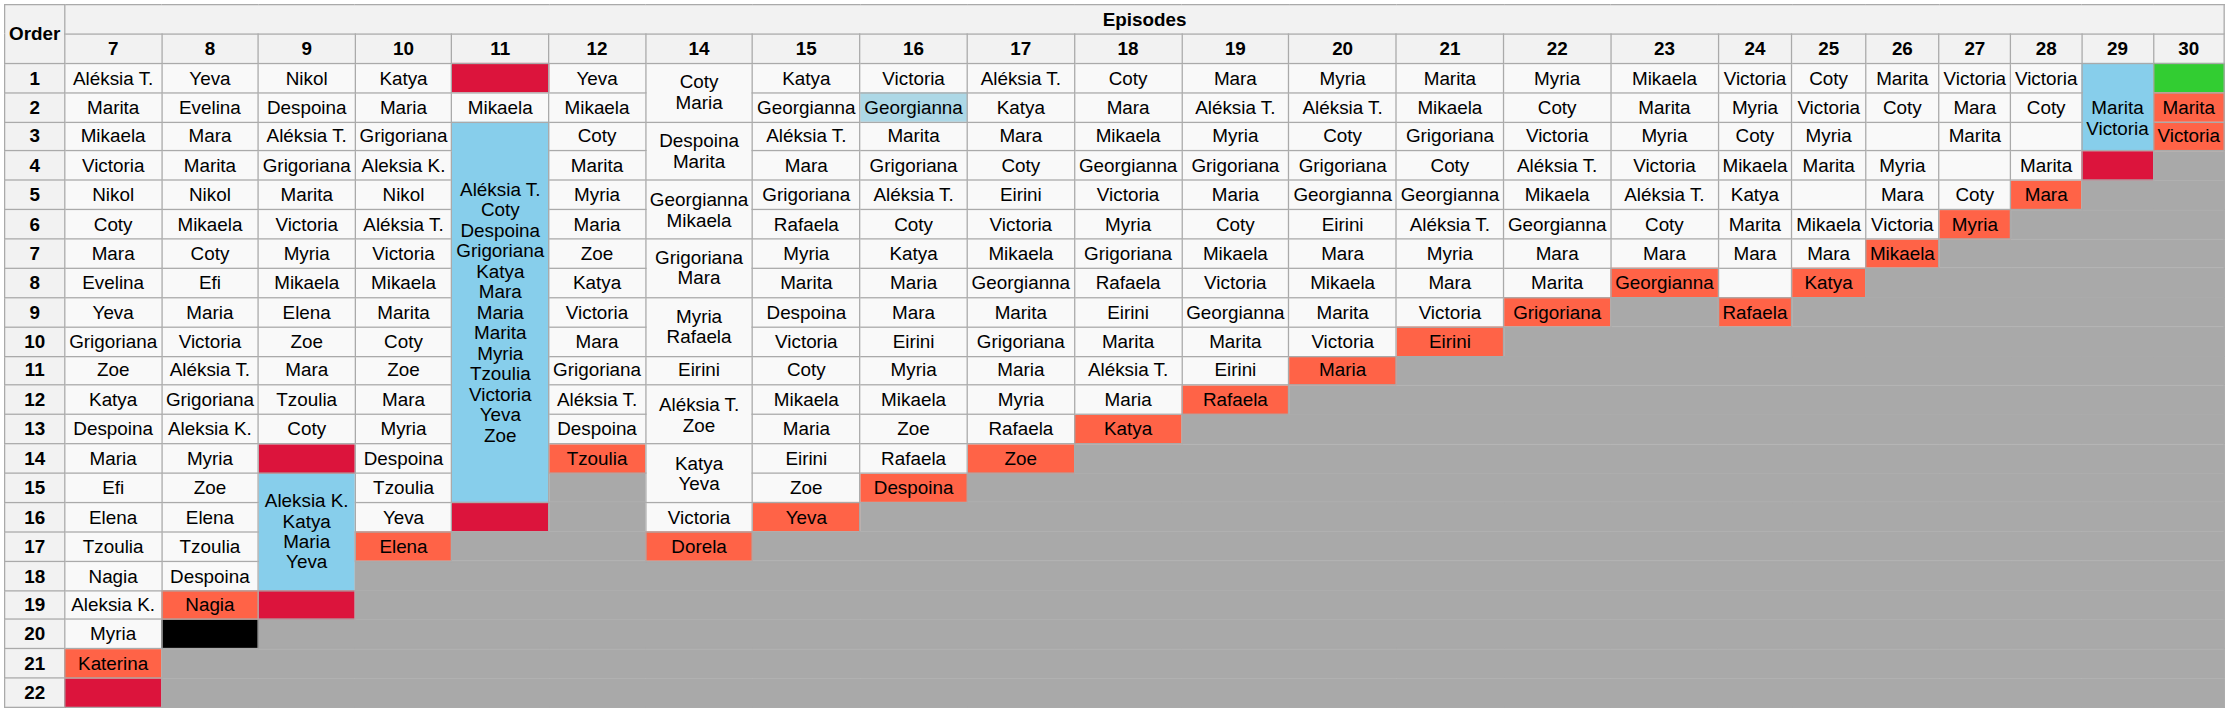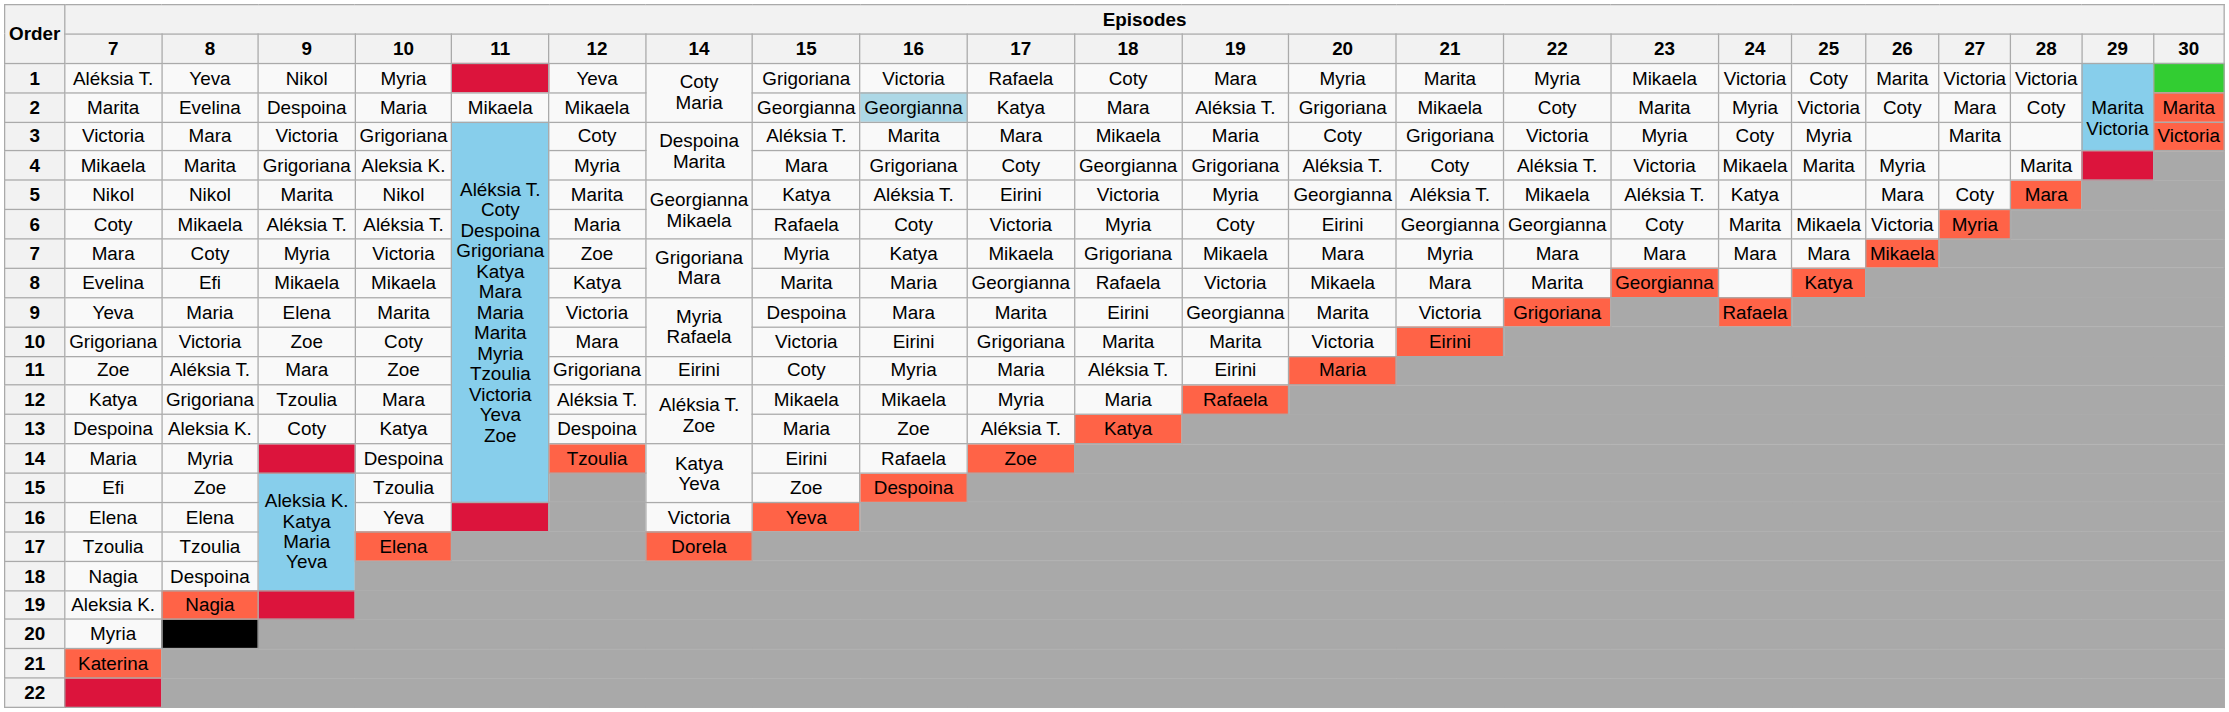 <table class="wikitable" style="text-align:center; font-size:92%;">
 <tr>
 <th rowspan=02>Order</th>
 <th colspan=23>Episodes</th>
 </tr>
 <tr>
 <th>7</th>
 <th>8</th>
 <th>9</th>
 <th>10</th>
 <th>11</th>
 <th>12</th>
 <th>14</th>
 <th>15</th>
 <th>16</th>
 <th>17</th>
 <th>18</th>
 <th>19</th>
 <th>20</th>
 <th>21</th>
 <th>22</th>
 <th>23</th>
 <th>24</th>
 <th>25</th>
 <th>26</th>
 <th>27</th>
 <th>28</th>
 <th>29</th>
 <th>30</th>
 </tr>
 <tr>
 <th>1</th>
 <td>Aléksia T.</td>
 <td>Yeva</td>
 <td>Nikol</td>
-<td>Katya</td>
+<td>Myria</td>
 <td style="background:crimson;"></td>
 <td>Yeva</td>
 <td rowspan="2">Coty<br>Maria</td>
-<td>Katya</td>
+<td>Grigoriana</td>
 <td>Victoria</td>
-<td>Aléksia T.</td>
+<td>Rafaela</td>
 <td>Coty</td>
 <td>Mara</td>
 <td>Myria</td>
 <td>Marita</td>
 <td>Myria</td>
 <td>Mikaela</td>
 <td>Victoria</td>
 <td>Coty</td>
 <td>Marita</td>
 <td>Victoria</td>
 <td>Victoria</td>
 <td rowspan="3" style="background:skyblue;"><br>Marita<br>Victoria</td>
 <td style="background:limegreen;"></td>
 </tr>
 <tr>
 <th>2</th>
 <td>Marita</td>
 <td>Evelina</td>
 <td>Despoina</td>
 <td>Maria</td>
 <td>Mikaela</td>
 <td>Mikaela</td>
 <td>Georgianna</td>
 <td style="background: lightblue;">Georgianna</td>
 <td>Katya</td>
 <td>Mara</td>
 <td>Aléksia T.</td>
-<td>Aléksia T.</td>
+<td>Grigoriana</td>
 <td>Mikaela</td>
 <td>Coty</td>
 <td>Marita</td>
 <td>Myria</td>
 <td>Victoria</td>
 <td>Coty</td>
 <td>Mara</td>
 <td>Coty</td>
 <td style="background:tomato;">Marita</td>
 </tr>
 <tr>
 <th>3</th>
-<td>Mikaela</td>
+<td>Victoria</td>
 <td>Mara</td>
-<td>Aléksia T.</td>
+<td>Victoria</td>
 <td>Grigoriana</td>
 <td rowspan="13" style="background:skyblue;">Aléksia T.<br>Coty<br>Despoina<br>Grigoriana<br>Katya<br>Mara<br>Maria<br>Marita<br>Myria<br>Tzoulia<br>Victoria<br>Yeva<br>Zoe</td>
 <td>Coty</td>
 <td rowspan="2">Despoina<br>Marita</td>
 <td>Aléksia T.</td>
 <td>Marita</td>
 <td>Mara</td>
 <td>Mikaela</td>
-<td>Myria</td>
+<td>Maria</td>
 <td>Coty</td>
 <td>Grigoriana</td>
 <td>Victoria</td>
 <td>Myria</td>
 <td>Coty</td>
 <td>Myria</td>
 <td></td>
 <td>Marita</td>
 <td></td>
 <td style="background:tomato;">Victoria</td>
 </tr>
 <tr>
 <th>4</th>
-<td>Victoria</td>
+<td>Mikaela</td>
 <td>Marita</td>
 <td>Grigoriana</td>
 <td>Aleksia K.</td>
-<td>Marita</td>
+<td>Myria</td>
 <td>Mara</td>
 <td>Grigoriana</td>
 <td>Coty</td>
 <td>Georgianna</td>
 <td>Grigoriana</td>
-<td>Grigoriana</td>
+<td>Aléksia T.</td>
 <td>Coty</td>
 <td>Aléksia T.</td>
 <td>Victoria</td>
 <td>Mikaela</td>
 <td>Marita</td>
 <td>Myria</td>
 <td></td>
 <td>Marita</td>
 <td style="background:crimson;"></td>
 <td colspan="2" style="background:darkgray;"></td>
 </tr>
 <tr>
 <th>5</th>
 <td>Nikol</td>
 <td>Nikol</td>
 <td>Marita</td>
 <td>Nikol</td>
-<td>Myria</td>
+<td>Marita</td>
 <td rowspan="2">Georgianna<br>Mikaela</td>
-<td>Grigoriana</td>
+<td>Katya</td>
 <td>Aléksia T.</td>
 <td>Eirini</td>
 <td>Victoria</td>
-<td>Maria</td>
+<td>Myria</td>
 <td>Georgianna</td>
-<td>Georgianna</td>
+<td>Aléksia T.</td>
 <td>Mikaela</td>
 <td>Aléksia T.</td>
 <td>Katya</td>
 <td></td>
 <td>Mara</td>
 <td>Coty</td>
 <td style="background:tomato;">Mara</td>
 <td colspan="2" style="background:darkgray;"></td>
 </tr>
 <tr>
 <th>6</th>
 <td>Coty</td>
 <td>Mikaela</td>
-<td>Victoria</td>
+<td>Aléksia T.</td>
 <td>Aléksia T.</td>
 <td>Maria</td>
 <td>Rafaela</td>
 <td>Coty</td>
 <td>Victoria</td>
 <td>Myria</td>
 <td>Coty</td>
 <td>Eirini</td>
-<td>Aléksia T.</td>
+<td>Georgianna</td>
 <td>Georgianna</td>
 <td>Coty</td>
 <td>Marita</td>
 <td>Mikaela</td>
 <td>Victoria</td>
 <td style="background:tomato;">Myria</td>
 <td colspan="3" style="background:darkgray;"></td>
 </tr>
 <tr>
 <th>7</th>
 <td>Mara</td>
 <td>Coty</td>
 <td>Myria</td>
 <td>Victoria</td>
 <td>Zoe</td>
 <td rowspan="2">Grigoriana<br>Mara</td>
 <td>Myria</td>
 <td>Katya</td>
 <td>Mikaela</td>
 <td>Grigoriana</td>
 <td>Mikaela</td>
 <td>Mara</td>
 <td>Myria</td>
 <td>Mara</td>
 <td>Mara</td>
 <td>Mara</td>
 <td>Mara</td>
 <td style="background:tomato;">Mikaela</td>
 <td colspan="4" style="background:darkgray;"></td>
 </tr>
 <tr>
 <th>8</th>
 <td>Evelina</td>
 <td>Efi</td>
 <td>Mikaela</td>
 <td>Mikaela</td>
 <td>Katya</td>
 <td>Marita</td>
 <td>Maria</td>
 <td>Georgianna</td>
 <td>Rafaela</td>
 <td>Victoria</td>
 <td>Mikaela</td>
 <td>Mara</td>
 <td>Marita</td>
 <td style="background:tomato;">Georgianna</td>
 <td></td>
 <td style="background:tomato;">Katya</td>
 <td colspan="5" style="background:darkgray;"></td>
 </tr>
 <tr>
 <th>9</th>
 <td>Yeva</td>
 <td>Maria</td>
 <td>Elena</td>
 <td>Marita</td>
 <td>Victoria</td>
 <td rowspan="2">Myria<br>Rafaela</td>
 <td>Despoina</td>
 <td>Mara</td>
 <td>Marita</td>
 <td>Eirini</td>
 <td>Georgianna</td>
 <td>Marita</td>
 <td>Victoria</td>
 <td style="background:tomato;">Grigoriana</td>
 <td style="background:darkgray;"></td>
 <td style="background:tomato;">Rafaela</td>
 <td colspan="6" style="background:darkgray;"></td>
 </tr>
 <tr>
 <th>10</th>
 <td>Grigoriana</td>
 <td>Victoria</td>
 <td>Zoe</td>
 <td>Coty</td>
 <td>Mara</td>
 <td>Victoria</td>
 <td>Eirini</td>
 <td>Grigoriana</td>
 <td>Marita</td>
 <td>Marita</td>
 <td>Victoria</td>
 <td style="background:tomato;">Eirini</td>
 <td colspan="9" style="background:darkgray;"></td>
 </tr>
 <tr>
 <th>11</th>
 <td>Zoe</td>
 <td>Aléksia T.</td>
 <td>Mara</td>
 <td>Zoe</td>
 <td>Grigoriana</td>
 <td>Eirini</td>
 <td>Coty</td>
 <td>Myria</td>
 <td>Maria</td>
 <td>Aléksia T.</td>
 <td>Eirini</td>
 <td style="background:tomato;">Maria</td>
 <td colspan="10" style="background:darkgray;"></td>
 </tr>
 <tr>
 <th>12</th>
 <td>Katya</td>
 <td>Grigoriana</td>
 <td>Tzoulia</td>
 <td>Mara</td>
 <td>Aléksia T.</td>
 <td rowspan="2">Aléksia T.<br>Zoe</td>
 <td>Mikaela</td>
 <td>Mikaela</td>
 <td>Myria</td>
 <td>Maria</td>
 <td style="background:tomato;">Rafaela</td>
 <td colspan="11" style="background:darkgray;"></td>
 </tr>
 <tr>
 <th>13</th>
 <td>Despoina</td>
 <td>Aleksia K.</td>
 <td>Coty</td>
-<td>Myria</td>
+<td>Katya</td>
 <td>Despoina</td>
 <td>Maria</td>
 <td>Zoe</td>
-<td>Rafaela</td>
+<td>Aléksia T.</td>
 <td style="background:tomato;">Katya</td>
 <td colspan="12" style="background:darkgray;"></td>
 </tr>
 <tr>
 <th>14</th>
 <td>Maria</td>
 <td>Myria</td>
 <td style="background:crimson;"></td>
 <td>Despoina</td>
 <td style="background:tomato;">Tzoulia</td>
 <td rowspan="2">Katya<br>Yeva</td>
 <td>Eirini</td>
 <td>Rafaela</td>
 <td style="background:tomato;">Zoe</td>
 <td colspan="13" style="background:darkgray;"></td>
 </tr>
 <tr>
 <th>15</th>
 <td>Efi</td>
 <td>Zoe</td>
 <td rowspan="4" style="background:skyblue;">Aleksia K.<br>Katya<br>Maria<br>Yeva</td>
 <td>Tzoulia</td>
 <td style="background:darkgray;"></td>
 <td>Zoe</td>
 <td style="background:tomato;">Despoina</td>
 <td colspan="14" style="background:darkgray;"></td>
 </tr>
 <tr>
 <th>16</th>
 <td>Elena</td>
 <td>Elena</td>
 <td>Yeva</td>
 <td style="background:crimson;"></td>
 <td style="background:darkgray;"></td>
 <td>Victoria</td>
 <td style="background:tomato;">Yeva</td>
 <td colspan="15" style="background:darkgray;"></td>
 </tr>
 <tr>
 <th>17</th>
 <td>Tzoulia</td>
 <td>Tzoulia</td>
 <td style="background:tomato;">Elena</td>
 <td colspan="2" style="background:darkgray;"></td>
 <td style="background:tomato;">Dorela</td>
 <td colspan="16" style="background:darkgray;"></td>
 </tr>
 <tr>
 <th>18</th>
 <td>Nagia</td>
 <td>Despoina</td>
 <td colspan="20" style="background:darkgray;"></td>
 </tr>
 <tr>
 <th>19</th>
 <td>Aleksia K.</td>
 <td style="background:tomato;">Nagia</td>
 <td style="background:crimson;"></td>
 <td colspan="20" style="background:darkgray;"></td>
 </tr>
 <tr>
 <th>20</th>
 <td>Myria</td>
 <td style="background:black;"></td>
 <td colspan="21" style="background:darkgray;"></td>
 </tr>
 <tr>
 <th>21</th>
 <td style="background:tomato;">Katerina</td>
 <td colspan="22" style="background:darkgray;"></td>
 </tr>
 <tr>
 <th>22</th>
 <td style="background:crimson;"></td>
 <td colspan="22" style="background:darkgray;"></td>
 </tr>
 </table>
